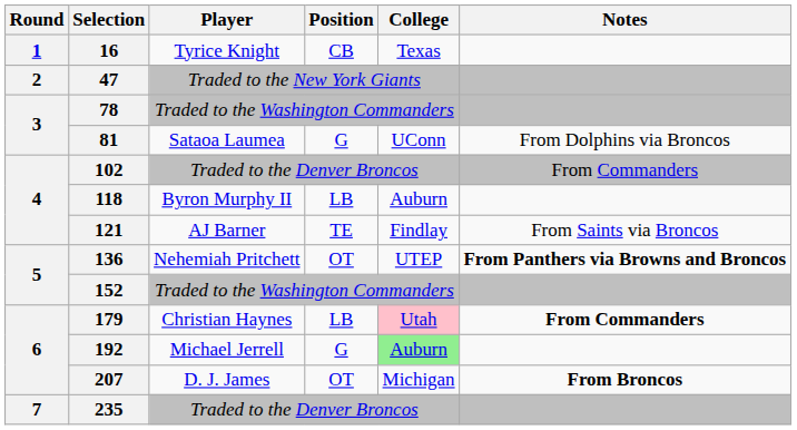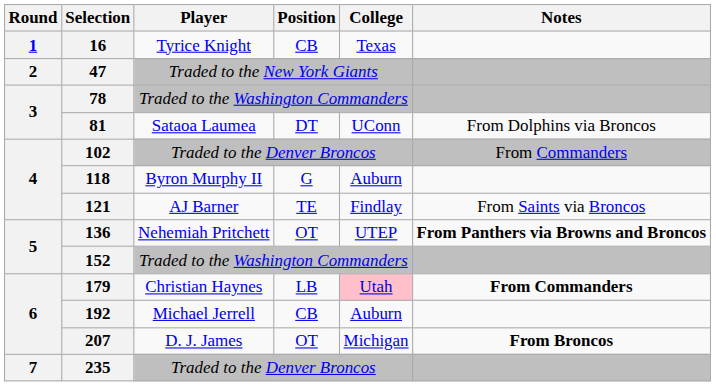 <table class="wikitable" style="text-align:center">
 <tr>
 <th>Round</th>
 <th>Selection</th>
 <th>Player</th>
 <th>Position</th>
 <th>College</th>
 <th>Notes</th>
 </tr>
 <tr>
 <th><a href='#'>1</a></th>
 <th>16</th>
 <td><a href='#'>Tyrice Knight</a></td>
 <td><a href='#'>CB</a></td>
 <td><a href='#'>Texas</a></td>
 <td></td>
 </tr>
 <tr>
 <th>2</th>
 <th>47</th>
 <td colspan="3" style="background:#BFBFBF"><em>Traded to the <a href='#'>New York Giants</a></em></td>
 <td style="background:#BFBFBF"></td>
 </tr>
 <tr>
 <th rowspan="2">3</th>
 <th>78</th>
 <td colspan="3" style="background:#BFBFBF"><em>Traded to the <a href='#'>Washington Commanders</a></em></td>
 <td style="background:#BFBFBF"></td>
 </tr>
 <tr>
 <th>81</th>
 <td><a href='#'>Sataoa Laumea</a></td>
-<td><a href='#'>G</a></td>
+<td><a href='#'>DT</a></td>
 <td><a href='#'>UConn</a></td>
 <td>From Dolphins via Broncos</td>
 </tr>
 <tr>
 <th rowspan="3">4</th>
 <th>102</th>
 <td colspan="3" style="background:#BFBFBF"><em>Traded to the <a href='#'>Denver Broncos</a></em></td>
 <td style="background:#BFBFBF">From <a href='#'>Commanders</a></td>
 </tr>
 <tr>
 <th>118</th>
 <td><a href='#'>Byron Murphy II</a></td>
-<td><a href='#'>LB</a></td>
+<td><a href='#'>G</a></td>
 <td><a href='#'>Auburn</a></td>
 <td></td>
 </tr>
 <tr>
 <th>121</th>
 <td><a href='#'>AJ Barner</a></td>
 <td><a href='#'>TE</a></td>
 <td><a href='#'>Findlay</a></td>
 <td>From <a href='#'>Saints</a> via <a href='#'>Broncos</a></td>
 </tr>
 <tr>
 <th rowspan="2">5</th>
 <th>136</th>
 <td><a href='#'>Nehemiah Pritchett</a></td>
 <td><a href='#'>OT</a></td>
 <td><a href='#'>UTEP</a></td>
 <td><strong>From Panthers via Browns and Broncos</strong></td>
 </tr>
 <tr>
 <th>152</th>
 <td colspan="3" style="background:#BFBFBF"><em>Traded to the <a href='#'>Washington Commanders</a></em></td>
 <td style="background:#BFBFBF"></td>
 </tr>
 <tr>
 <th rowspan="3">6</th>
 <th>179</th>
 <td><a href='#'>Christian Haynes</a></td>
 <td><a href='#'>LB</a></td>
 <td style="background: pink;"><a href='#'>Utah</a></td>
 <td><strong>From Commanders</strong></td>
 </tr>
 <tr>
 <th>192</th>
 <td><a href='#'>Michael Jerrell</a></td>
-<td><a href='#'>G</a></td>
-<td style="background: lightgreen;"><a href='#'>Auburn</a></td>
+<td><a href='#'>CB</a></td>
+<td><a href='#'>Auburn</a></td>
 <td></td>
 </tr>
 <tr>
 <th>207</th>
 <td><a href='#'>D. J. James</a></td>
 <td><a href='#'>OT</a></td>
 <td><a href='#'>Michigan</a></td>
 <td><strong>From Broncos</strong></td>
 </tr>
 <tr>
 <th rowspan="2">7</th>
 <th>235</th>
 <td colspan="3" style="background:#BFBFBF"><em>Traded to the <a href='#'>Denver Broncos</a></em></td>
 <td style="background:#BFBFBF"></td>
 </tr>
 </table>
